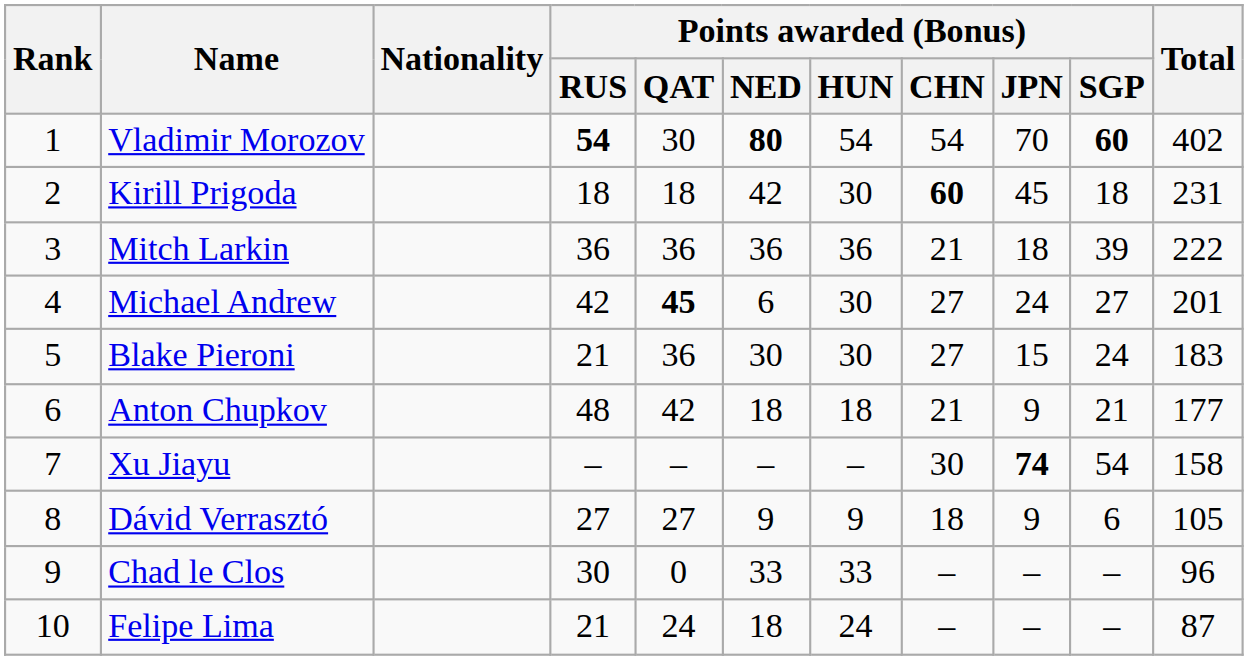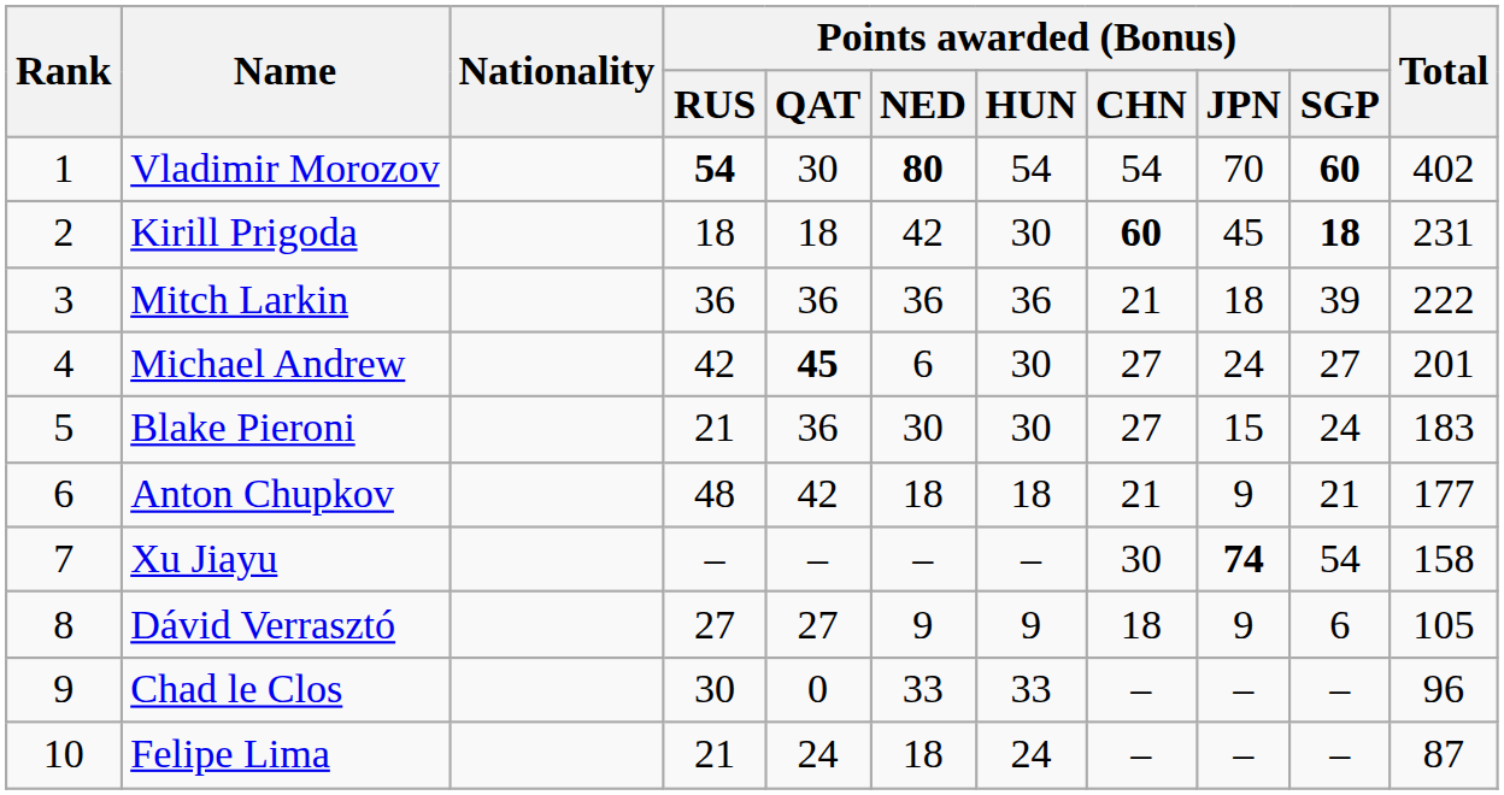 <table class="wikitable" style="text-align:center;">
 <tr>
 <th rowspan=2>Rank</th>
 <th rowspan=2>Name</th>
 <th rowspan=2>Nationality</th>
 <th colspan=7>Points awarded (Bonus)</th>
 <th rowspan=2>Total</th>
 </tr>
 <tr>
 <th>RUS</th>
 <th>QAT</th>
 <th>NED</th>
 <th>HUN</th>
 <th>CHN</th>
 <th>JPN</th>
 <th>SGP</th>
 </tr>
 <tr>
 <td>1</td>
 <td align=left><a href='#'>Vladimir Morozov</a></td>
 <td align=left></td>
 <td><strong>54</strong></td>
 <td>30</td>
 <td><strong>80</strong></td>
 <td>54</td>
 <td>54</td>
 <td>70</td>
 <td><strong>60</strong></td>
 <td>402</td>
 </tr>
 <tr>
 <td>2</td>
 <td align=left><a href='#'>Kirill Prigoda</a></td>
 <td align=left></td>
 <td>18</td>
 <td>18</td>
 <td>42</td>
 <td>30</td>
 <td><strong>60</strong></td>
 <td>45</td>
-<td>18</td>
+<td><strong>18</strong></td>
 <td>231</td>
 </tr>
 <tr>
 <td>3</td>
 <td align=left><a href='#'>Mitch Larkin</a></td>
 <td align=left></td>
 <td>36</td>
 <td>36</td>
 <td>36</td>
 <td>36</td>
 <td>21</td>
 <td>18</td>
 <td>39</td>
 <td>222</td>
 </tr>
 <tr>
 <td>4</td>
 <td align=left><a href='#'>Michael Andrew</a></td>
 <td align=left></td>
 <td>42</td>
 <td><strong>45</strong></td>
 <td>6</td>
 <td>30</td>
 <td>27</td>
 <td>24</td>
 <td>27</td>
 <td>201</td>
 </tr>
 <tr>
 <td>5</td>
 <td align=left><a href='#'>Blake Pieroni</a></td>
 <td align=left></td>
 <td>21</td>
 <td>36</td>
 <td>30</td>
 <td>30</td>
 <td>27</td>
 <td>15</td>
 <td>24</td>
 <td>183</td>
 </tr>
 <tr>
 <td>6</td>
 <td align=left><a href='#'>Anton Chupkov</a></td>
 <td align=left></td>
 <td>48</td>
 <td>42</td>
 <td>18</td>
 <td>18</td>
 <td>21</td>
 <td>9</td>
 <td>21</td>
 <td>177</td>
 </tr>
 <tr>
 <td>7</td>
 <td align=left><a href='#'>Xu Jiayu</a></td>
 <td align=left></td>
 <td>–</td>
 <td>–</td>
 <td>–</td>
 <td>–</td>
 <td>30</td>
 <td><strong>74</strong></td>
 <td>54</td>
 <td>158</td>
 </tr>
 <tr>
 <td>8</td>
 <td align=left><a href='#'>Dávid Verrasztó</a></td>
 <td align=left></td>
 <td>27</td>
 <td>27</td>
 <td>9</td>
 <td>9</td>
 <td>18</td>
 <td>9</td>
 <td>6</td>
 <td>105</td>
 </tr>
 <tr>
 <td>9</td>
 <td align=left><a href='#'>Chad le Clos</a></td>
 <td align=left></td>
 <td>30</td>
 <td>0</td>
 <td>33</td>
 <td>33</td>
 <td>–</td>
 <td>–</td>
 <td>–</td>
 <td>96</td>
 </tr>
 <tr>
 <td>10</td>
 <td align=left><a href='#'>Felipe Lima</a></td>
 <td align=left></td>
 <td>21</td>
 <td>24</td>
 <td>18</td>
 <td>24</td>
 <td>–</td>
 <td>–</td>
 <td>–</td>
 <td>87</td>
 </tr>
 </table>
